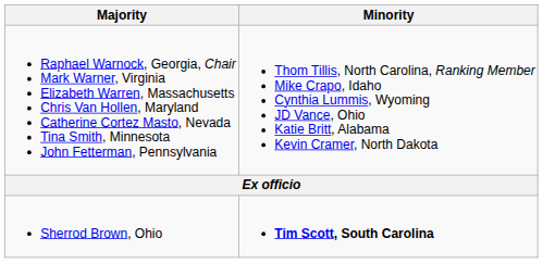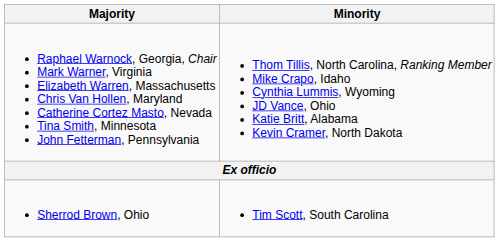 <table class=wikitable>
 <tr>
 <th>Majority</th>
 <th>Minority</th>
 </tr>
 <tr>
 <td><br><ul><li><a href='#'>Raphael Warnock</a>, Georgia, <em>Chair</em></li><li><a href='#'>Mark Warner</a>, Virginia</li><li><a href='#'>Elizabeth Warren</a>, Massachusetts</li><li><a href='#'>Chris Van Hollen</a>, Maryland</li><li><a href='#'>Catherine Cortez Masto</a>, Nevada</li><li><a href='#'>Tina Smith</a>, Minnesota</li><li><a href='#'>John Fetterman</a>, Pennsylvania</li></ul></td>
 <td><br><ul><li><a href='#'>Thom Tillis</a>, North Carolina, <em>Ranking Member</em></li><li><a href='#'>Mike Crapo</a>, Idaho</li><li><a href='#'>Cynthia Lummis</a>, Wyoming</li><li><a href='#'>JD Vance</a>, Ohio</li><li><a href='#'>Katie Britt</a>, Alabama</li><li><a href='#'>Kevin Cramer</a>, North Dakota</li></ul></td>
 </tr>
 <tr>
 <th colspan=2><em>Ex officio</em></th>
 </tr>
 <tr>
 <td><br><ul><li><a href='#'>Sherrod Brown</a>, Ohio</li></ul></td>
-<td><strong><br><ul><li><a href='#'>Tim Scott</a>, South Carolina</li></ul></strong></td>
+<td><br><ul><li><a href='#'>Tim Scott</a>, South Carolina</li></ul></td>
 </tr>
 </table>
